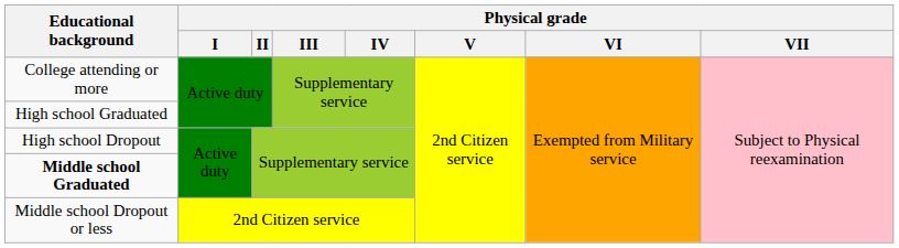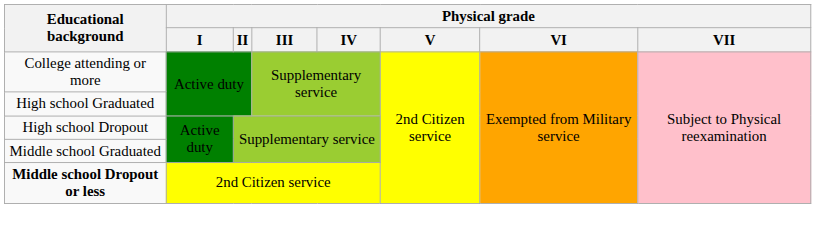 <table class="wikitable">
 <tr>
 <th rowspan="2">Educational background</th>
 <th colspan="7">Physical grade</th>
 </tr>
 <tr>
 <th>I</th>
 <th>II</th>
 <th>III</th>
 <th>IV</th>
 <th>V</th>
 <th>VI</th>
 <th>VII</th>
 </tr>
 <tr>
 <td div style="text-align:center">College attending or more</td>
 <td colspan="2" rowspan="2" div style="background:green; text-align:center;">Active duty</td>
 <td colspan="2" rowspan="2" div style="background:yellowgreen; text-align:center;">Supplementary service</td>
 <td style="text-align:center; background:yellow;" rowspan="5" div>2nd Citizen service</td>
 <td rowspan="5" div style="background:orange; text-align:center;">Exempted from Military service</td>
 <td rowspan="5" div style="background:pink; text-align:center;">Subject to Physical reexamination</td>
 </tr>
 <tr>
 <td div style="text-align:center">High school Graduated</td>
 </tr>
 <tr>
 <td div style="text-align:center">High school Dropout</td>
 <td rowspan="2" div style="background:green; text-align:center;">Active duty</td>
 <td colspan="3" rowspan="2" div style="background:yellowgreen; text-align:center;">Supplementary service</td>
 </tr>
 <tr>
-<td div style="text-align:center"><strong>Middle school Graduated</strong></td>
+<td div style="text-align:center">Middle school Graduated</td>
 </tr>
 <tr>
-<td div style="text-align:center">Middle school Dropout or less</td>
+<td div style="text-align:center"><strong>Middle school Dropout or less</strong></td>
 <td style="text-align:center; background:yellow;" colspan="4" div>2nd Citizen service</td>
 </tr>
 </table>
